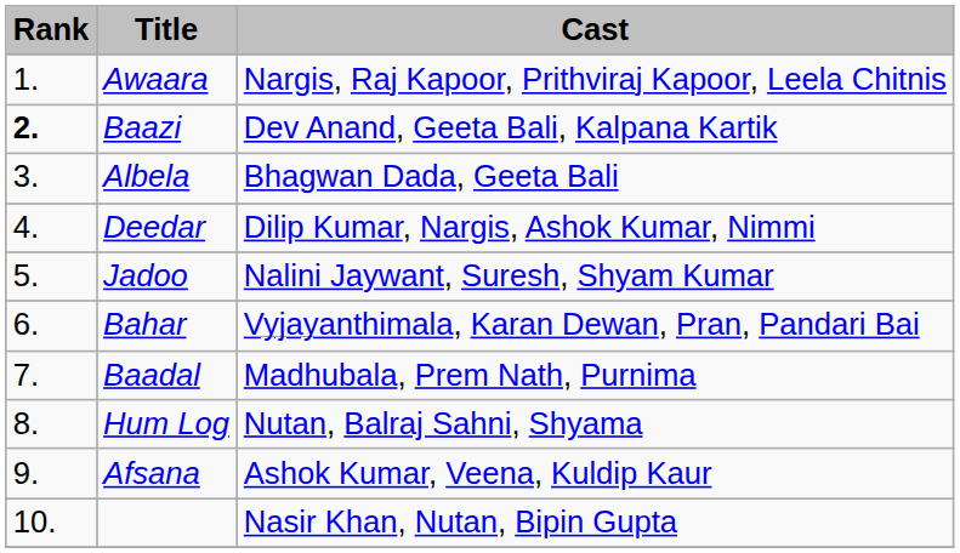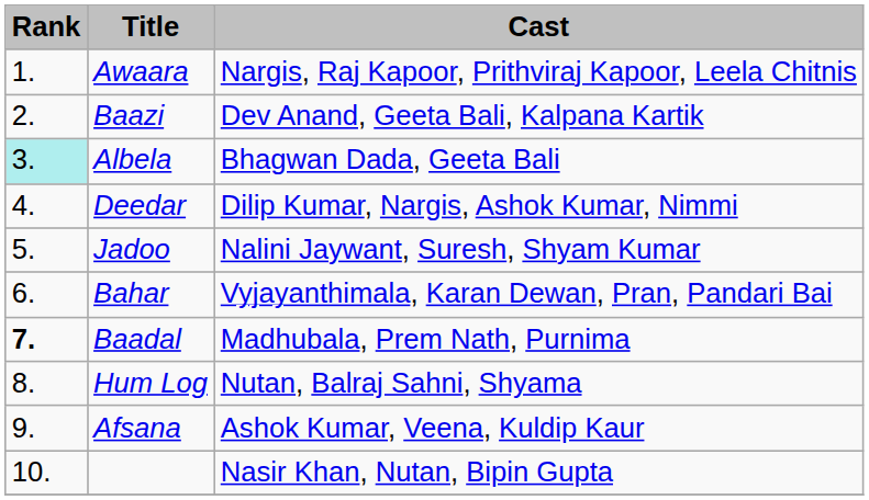 <table class="wikitable">
 <tr bgcolor="silver" align="center">
 <td rowspan="1"><strong>Rank</strong></td>
 <td rowspan="1"><strong>Title</strong></td>
 <td rowspan="1"><strong>Cast</strong></td>
 </tr>
 <tr>
 <td>1.</td>
 <td><em><a href='#'>Awaara</a></em></td>
 <td><a href='#'>Nargis</a>, <a href='#'>Raj Kapoor</a>, <a href='#'>Prithviraj Kapoor</a>, <a href='#'>Leela Chitnis</a></td>
 </tr>
 <tr>
-<td><strong>2.</strong></td>
+<td>2.</td>
 <td><em><a href='#'>Baazi</a></em></td>
 <td><a href='#'>Dev Anand</a>, <a href='#'>Geeta Bali</a>, <a href='#'>Kalpana Kartik</a></td>
 </tr>
 <tr>
-<td>3.</td>
+<td style="background: paleturquoise;">3.</td>
 <td><em><a href='#'>Albela</a></em></td>
 <td><a href='#'>Bhagwan Dada</a>, <a href='#'>Geeta Bali</a></td>
 </tr>
 <tr>
 <td>4.</td>
 <td><em><a href='#'>Deedar</a></em></td>
 <td><a href='#'>Dilip Kumar</a>, <a href='#'>Nargis</a>, <a href='#'>Ashok Kumar</a>, <a href='#'>Nimmi</a></td>
 </tr>
 <tr>
 <td>5.</td>
 <td><em><a href='#'>Jadoo</a></em></td>
 <td><a href='#'>Nalini Jaywant</a>, <a href='#'>Suresh</a>, <a href='#'>Shyam Kumar</a></td>
 </tr>
 <tr>
 <td>6.</td>
 <td><em><a href='#'>Bahar</a></em></td>
 <td><a href='#'>Vyjayanthimala</a>, <a href='#'>Karan Dewan</a>, <a href='#'>Pran</a>, <a href='#'>Pandari Bai</a></td>
 </tr>
 <tr>
-<td>7.</td>
+<td><strong>7.</strong></td>
 <td><em><a href='#'>Baadal</a></em></td>
 <td><a href='#'>Madhubala</a>, <a href='#'>Prem Nath</a>, <a href='#'>Purnima</a></td>
 </tr>
 <tr>
 <td>8.</td>
 <td><em><a href='#'>Hum Log</a></em></td>
 <td><a href='#'>Nutan</a>, <a href='#'>Balraj Sahni</a>, <a href='#'>Shyama</a></td>
 </tr>
 <tr>
 <td>9.</td>
 <td><em><a href='#'>Afsana</a></em></td>
 <td><a href='#'>Ashok Kumar</a>, <a href='#'>Veena</a>, <a href='#'>Kuldip Kaur</a></td>
 </tr>
 <tr>
 <td>10.</td>
 <td><em></em></td>
 <td><a href='#'>Nasir Khan</a>, <a href='#'>Nutan</a>, <a href='#'>Bipin Gupta</a></td>
 </tr>
 <tr>
 </tr>
 </table>
